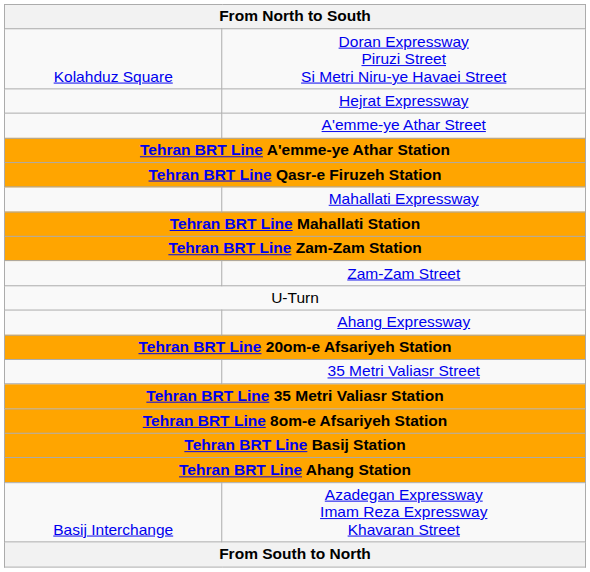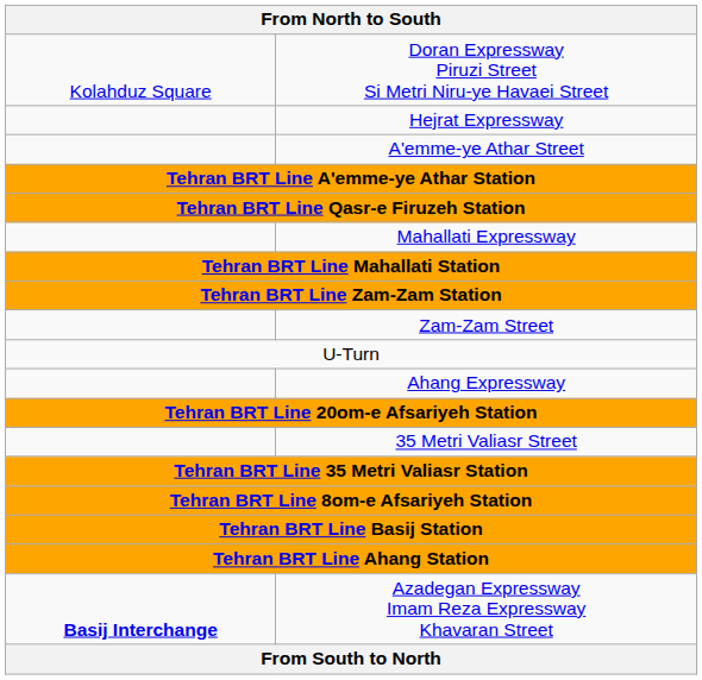 <table class="wikitable" style="text-align:center" width="600px">
 <tr>
 <th text-align="center" colspan="3"> From North to South </th>
 </tr>
 <tr>
 <td><br><br><a href='#'>Kolahduz Square</a></td>
 <td> <a href='#'>Doran Expressway</a><br> <a href='#'>Piruzi Street</a><br> <a href='#'>Si Metri Niru-ye Havaei Street</a></td>
 </tr>
 <tr>
 <td></td>
 <td> <a href='#'>Hejrat Expressway</a></td>
 </tr>
 <tr>
 <td></td>
 <td> <a href='#'>A'emme-ye Athar Street</a></td>
 </tr>
 <tr>
 <td text-align="center" colspan="3" style="background: orange; color: black;"> <strong><a href='#'>Tehran BRT Line</a> A'emme-ye Athar Station</strong></td>
 </tr>
 <tr>
 <td text-align="center" colspan="3" style="background: orange; color: black;"> <strong><a href='#'>Tehran BRT Line</a> Qasr-e Firuzeh Station</strong></td>
 </tr>
 <tr>
 <td></td>
 <td> <a href='#'>Mahallati Expressway</a></td>
 </tr>
 <tr>
 <td text-align="center" colspan="3" style="background: orange; color: black;"> <strong><a href='#'>Tehran BRT Line</a> Mahallati Station</strong></td>
 </tr>
 <tr>
 <td text-align="center" colspan="3" style="background: orange; color: black;"> <strong><a href='#'>Tehran BRT Line</a> Zam-Zam Station</strong></td>
 </tr>
 <tr>
 <td></td>
 <td> <a href='#'>Zam-Zam Street</a></td>
 </tr>
 <tr>
 <td text-align="center" colspan="3"> U-Turn</td>
 </tr>
 <tr>
 <td></td>
 <td> <a href='#'>Ahang Expressway</a></td>
 </tr>
 <tr>
 <td text-align="center" colspan="3" style="background: orange; color: black;"> <strong><a href='#'>Tehran BRT Line</a> 20om-e Afsariyeh Station</strong></td>
 </tr>
 <tr>
 <td></td>
 <td> <a href='#'>35 Metri Valiasr Street</a></td>
 </tr>
 <tr>
 <td text-align="center" colspan="3" style="background: orange; color: black;"> <strong><a href='#'>Tehran BRT Line</a> 35 Metri Valiasr Station</strong></td>
 </tr>
 <tr>
 <td text-align="center" colspan="3" style="background: orange; color: black;"> <strong><a href='#'>Tehran BRT Line</a> 8om-e Afsariyeh Station</strong></td>
 </tr>
 <tr>
 <td text-align="center" colspan="3" style="background: orange; color: black;"> <strong><a href='#'>Tehran BRT Line</a> Basij Station</strong></td>
 </tr>
 <tr>
 <td text-align="center" colspan="3" style="background: orange; color: black;"> <strong><a href='#'>Tehran BRT Line</a> Ahang Station</strong></td>
 </tr>
 <tr>
-<td><br><br><a href='#'>Basij Interchange</a></td>
+<td><strong><br><br><a href='#'>Basij Interchange</a></strong></td>
 <td> <a href='#'>Azadegan Expressway</a><br>  <a href='#'>Imam Reza Expressway</a><br> <a href='#'>Khavaran Street</a></td>
 </tr>
 <tr>
 <th text-align="center" colspan="3"> From South to North </th>
 </tr>
 </table>
